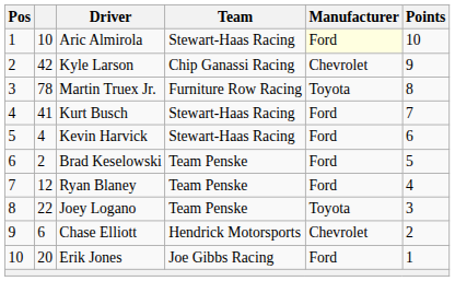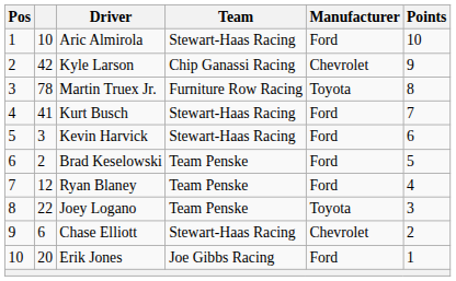 <table class="wikitable" style="font-size:98%">
 <tr>
 <th>Pos</th>
 <th></th>
 <th>Driver</th>
 <th>Team</th>
 <th>Manufacturer</th>
 <th>Points</th>
 </tr>
 <tr>
 <td>1</td>
 <td>10</td>
 <td>Aric Almirola</td>
 <td>Stewart-Haas Racing</td>
-<td style="background: lightyellow;">Ford</td>
+<td>Ford</td>
 <td>10</td>
 </tr>
 <tr>
 <td>2</td>
 <td>42</td>
 <td>Kyle Larson</td>
 <td>Chip Ganassi Racing</td>
 <td>Chevrolet</td>
 <td>9</td>
 </tr>
 <tr>
 <td>3</td>
 <td>78</td>
 <td>Martin Truex Jr.</td>
 <td>Furniture Row Racing</td>
 <td>Toyota</td>
 <td>8</td>
 </tr>
 <tr>
 <td>4</td>
 <td>41</td>
 <td>Kurt Busch</td>
 <td>Stewart-Haas Racing</td>
 <td>Ford</td>
 <td>7</td>
 </tr>
 <tr>
 <td>5</td>
-<td>4</td>
+<td>3</td>
 <td>Kevin Harvick</td>
 <td>Stewart-Haas Racing</td>
 <td>Ford</td>
 <td>6</td>
 </tr>
 <tr>
 <td>6</td>
 <td>2</td>
 <td>Brad Keselowski</td>
 <td>Team Penske</td>
 <td>Ford</td>
 <td>5</td>
 </tr>
 <tr>
 <td>7</td>
 <td>12</td>
 <td>Ryan Blaney</td>
 <td>Team Penske</td>
 <td>Ford</td>
 <td>4</td>
 </tr>
 <tr>
 <td>8</td>
 <td>22</td>
 <td>Joey Logano</td>
 <td>Team Penske</td>
 <td>Toyota</td>
 <td>3</td>
 </tr>
 <tr>
 <td>9</td>
 <td>6</td>
 <td>Chase Elliott</td>
-<td>Hendrick Motorsports</td>
+<td>Stewart-Haas Racing</td>
 <td>Chevrolet</td>
 <td>2</td>
 </tr>
 <tr>
 <td>10</td>
 <td>20</td>
 <td>Erik Jones</td>
 <td>Joe Gibbs Racing</td>
 <td>Ford</td>
 <td>1</td>
 </tr>
 <tr>
 <th colspan="6"></th>
 </tr>
 </table>
